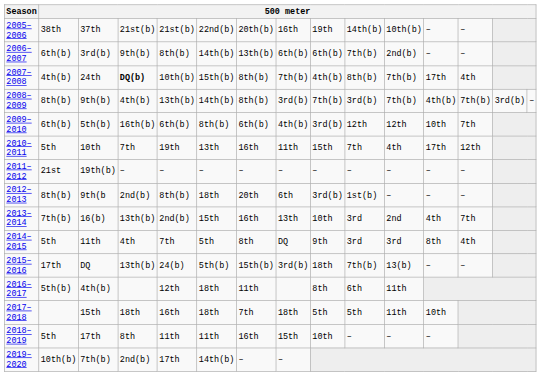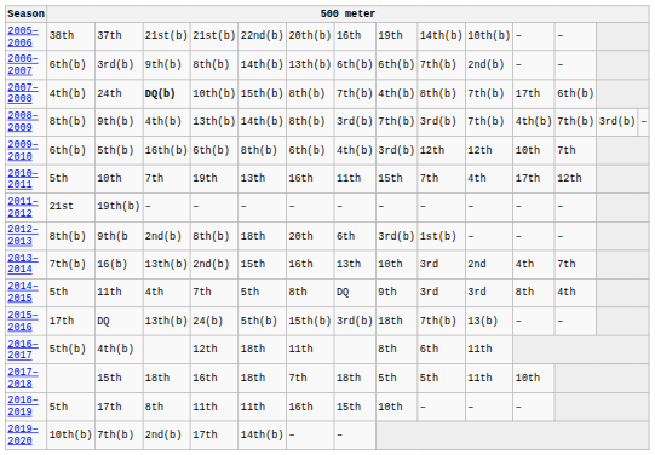 <table class="wikitable" style="display: inline-table;">
 <tr>
 <th>Season</th>
 <th colspan="14">500 meter</th>
 </tr>
 <tr>
 <td><a href='#'>2005–2006</a></td>
 <td>38th</td>
 <td>37th</td>
 <td>21st(b)</td>
 <td>21st(b)</td>
 <td>22nd(b)</td>
 <td>20th(b)</td>
 <td>16th</td>
 <td>19th</td>
 <td>14th(b)</td>
 <td>10th(b)</td>
 <td>–</td>
 <td>–</td>
 <td colspan="12" bgcolor=#EEEEEE></td>
 </tr>
 <tr>
 <td><a href='#'>2006–2007</a></td>
 <td>6th(b)</td>
 <td>3rd(b)</td>
 <td>9th(b)</td>
 <td>8th(b)</td>
 <td>14th(b)</td>
 <td>13th(b)</td>
 <td>6th(b)</td>
 <td>6th(b)</td>
 <td>7th(b)</td>
 <td>2nd(b)</td>
 <td>–</td>
 <td>–</td>
 <td colspan="12" bgcolor=#EEEEEE></td>
 </tr>
 <tr>
 <td><a href='#'>2007–2008</a></td>
 <td>4th(b)</td>
 <td>24th</td>
 <td><strong>DQ(b)</strong></td>
 <td>10th(b)</td>
 <td>15th(b)</td>
 <td>8th(b)</td>
 <td>7th(b)</td>
 <td>4th(b)</td>
 <td>8th(b)</td>
 <td>7th(b)</td>
 <td>17th</td>
-<td>4th</td>
+<td>6th(b)</td>
 <td colspan="12" bgcolor=#EEEEEE></td>
 </tr>
 <tr>
 <td><a href='#'>2008–2009</a></td>
 <td>8th(b)</td>
 <td>9th(b)</td>
 <td>4th(b)</td>
 <td>13th(b)</td>
 <td>14th(b)</td>
 <td>8th(b)</td>
 <td>3rd(b)</td>
 <td>7th(b)</td>
 <td>3rd(b)</td>
 <td>7th(b)</td>
 <td>4th(b)</td>
 <td>7th(b)</td>
 <td>3rd(b)</td>
 <td>–</td>
 </tr>
 <tr>
 <td><a href='#'>2009–2010</a></td>
 <td>6th(b)</td>
 <td>5th(b)</td>
 <td>16th(b)</td>
 <td>6th(b)</td>
 <td>8th(b)</td>
 <td>6th(b)</td>
 <td>4th(b)</td>
 <td>3rd(b)</td>
 <td>12th</td>
 <td>12th</td>
 <td>10th</td>
 <td>7th</td>
 <td colspan="12" bgcolor=#EEEEEE></td>
 </tr>
 <tr>
 <td><a href='#'>2010–2011</a></td>
 <td>5th</td>
 <td>10th</td>
 <td>7th</td>
 <td>19th</td>
 <td>13th</td>
 <td>16th</td>
 <td>11th</td>
 <td>15th</td>
 <td>7th</td>
 <td>4th</td>
 <td>17th</td>
 <td>12th</td>
 <td colspan="12" bgcolor=#EEEEEE></td>
 </tr>
 <tr>
 <td><a href='#'>2011–2012</a></td>
 <td>21st</td>
 <td>19th(b)</td>
 <td>–</td>
 <td>–</td>
 <td>–</td>
 <td>–</td>
 <td>–</td>
 <td>–</td>
 <td>–</td>
 <td>–</td>
 <td>–</td>
 <td>–</td>
 <td colspan="12" bgcolor=#EEEEEE></td>
 </tr>
 <tr>
 <td><a href='#'>2012–2013</a></td>
 <td>8th(b)</td>
 <td>9th(b</td>
 <td>2nd(b)</td>
 <td>8th(b)</td>
 <td>18th</td>
 <td>20th</td>
 <td>6th</td>
 <td>3rd(b)</td>
 <td>1st(b)</td>
 <td>–</td>
 <td>–</td>
 <td>–</td>
 <td colspan="12" bgcolor=#EEEEEE></td>
 </tr>
 <tr>
 <td><a href='#'>2013–2014</a></td>
 <td>7th(b)</td>
 <td>16(b)</td>
 <td>13th(b)</td>
 <td>2nd(b)</td>
 <td>15th</td>
 <td>16th</td>
 <td>13th</td>
 <td>10th</td>
 <td>3rd</td>
 <td>2nd</td>
 <td>4th</td>
 <td>7th</td>
 <td colspan="12" bgcolor=#EEEEEE></td>
 </tr>
 <tr>
 <td><a href='#'>2014–2015</a></td>
 <td>5th</td>
 <td>11th</td>
 <td>4th</td>
 <td>7th</td>
 <td>5th</td>
 <td>8th</td>
 <td>DQ</td>
 <td>9th</td>
 <td>3rd</td>
 <td>3rd</td>
 <td>8th</td>
 <td>4th</td>
 <td colspan="12" bgcolor=#EEEEEE></td>
 </tr>
 <tr>
 <td><a href='#'>2015–2016</a></td>
 <td>17th</td>
 <td>DQ</td>
 <td>13th(b)</td>
 <td>24(b)</td>
 <td>5th(b)</td>
 <td>15th(b)</td>
 <td>3rd(b)</td>
 <td>18th</td>
 <td>7th(b)</td>
 <td>13(b)</td>
 <td>–</td>
 <td>–</td>
 <td colspan="12" bgcolor=#EEEEEE></td>
 </tr>
 <tr>
 <td><a href='#'>2016–2017</a></td>
 <td>5th(b)</td>
 <td>4th(b)</td>
 <td></td>
 <td>12th</td>
 <td>18th</td>
 <td>11th</td>
 <td></td>
 <td>8th</td>
 <td>6th</td>
 <td>11th</td>
 <td colspan="12" bgcolor=#EEEEEE></td>
 </tr>
 <tr>
 <td><a href='#'>2017–2018</a></td>
 <td></td>
 <td>15th</td>
 <td>18th</td>
 <td>16th</td>
 <td>18th</td>
 <td>7th</td>
 <td>18th</td>
 <td>5th</td>
 <td>5th</td>
 <td>11th</td>
 <td>10th</td>
 <td colspan="12" bgcolor=#EEEEEE></td>
 </tr>
 <tr>
 <td><a href='#'>2018–2019</a></td>
 <td>5th</td>
 <td>17th</td>
 <td>8th</td>
 <td>11th</td>
 <td>11th</td>
 <td>16th</td>
 <td>15th</td>
 <td>10th</td>
 <td>–</td>
 <td>–</td>
 <td>–</td>
 <td colspan="12" bgcolor=#EEEEEE></td>
 </tr>
 <tr>
 <td><a href='#'>2019–2020</a></td>
 <td>10th(b)</td>
 <td>7th(b)</td>
 <td>2nd(b)</td>
 <td>17th</td>
 <td>14th(b)</td>
 <td>–</td>
 <td>–</td>
 <td colspan="12" bgcolor=#EEEEEE></td>
 </tr>
 </table>
